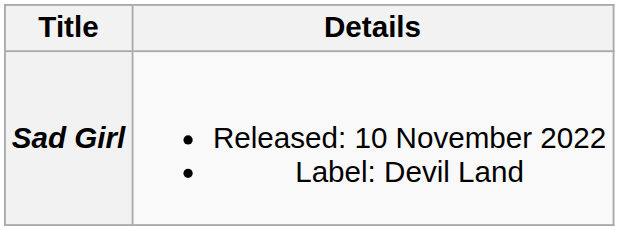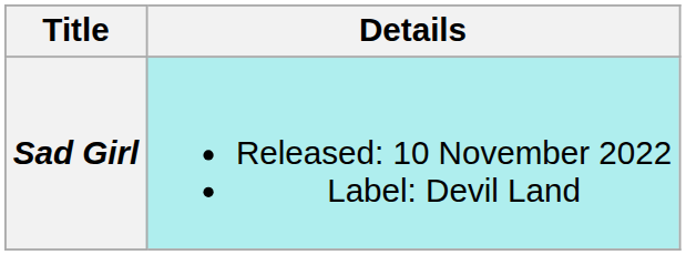 <table class="wikitable plainrowheaders" style="text-align:center;" border="1">
 <tr>
 <th>Title</th>
 <th>Details</th>
 </tr>
 <tr>
 <th scope="row"><em>Sad Girl</em></th>
-<td><br><ul><li>Released: 10 November 2022</li><li>Label: Devil Land</li></ul></td>
+<td style="background: paleturquoise;"><br><ul><li>Released: 10 November 2022</li><li>Label: Devil Land</li></ul></td>
 </tr>
 </table>
